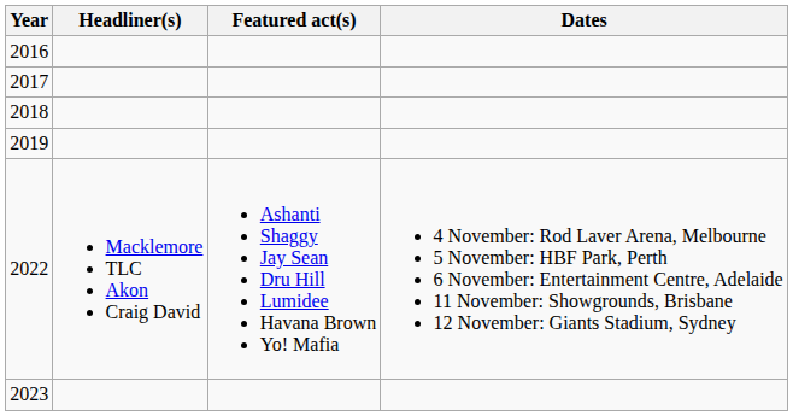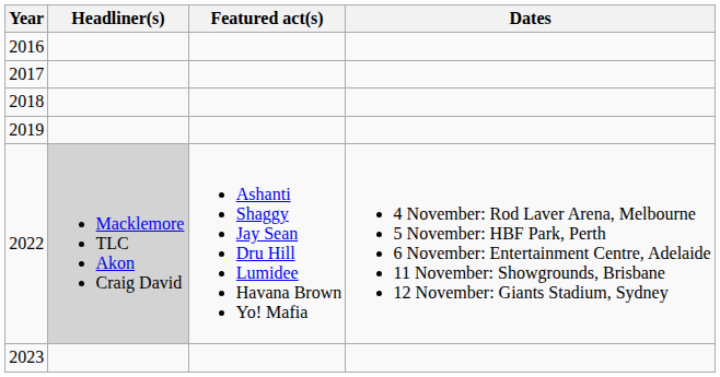 <table class="wikitable unsortable">
 <tr>
 <th>Year</th>
 <th>Headliner(s)</th>
 <th>Featured act(s)</th>
 <th>Dates</th>
 </tr>
 <tr>
 <td>2016</td>
 <td></td>
 <td></td>
 <td></td>
 </tr>
 <tr>
 <td>2017</td>
 <td></td>
 <td></td>
 <td></td>
 </tr>
 <tr>
 <td>2018</td>
 <td></td>
 <td></td>
 <td></td>
 </tr>
 <tr>
 <td>2019</td>
 <td></td>
 <td></td>
 <td></td>
 </tr>
 <tr>
 <td>2022</td>
-<td><br><ul><li><a href='#'>Macklemore</a></li><li>TLC</li><li><a href='#'>Akon</a></li><li>Craig David</li></ul></td>
+<td style="background: lightgrey;"><br><ul><li><a href='#'>Macklemore</a></li><li>TLC</li><li><a href='#'>Akon</a></li><li>Craig David</li></ul></td>
 <td><br><ul><li><a href='#'>Ashanti</a></li><li><a href='#'>Shaggy</a></li><li><a href='#'>Jay Sean</a></li><li><a href='#'>Dru Hill</a></li><li><a href='#'>Lumidee</a></li><li>Havana Brown</li><li>Yo! Mafia</li></ul></td>
 <td><br><ul><li>4 November: Rod Laver Arena, Melbourne</li><li>5 November: HBF Park, Perth</li><li>6 November: Entertainment Centre, Adelaide</li><li>11 November: Showgrounds, Brisbane</li><li>12 November: Giants Stadium, Sydney</li></ul></td>
 </tr>
 <tr>
 <td>2023</td>
 <td></td>
 <td></td>
 <td></td>
 </tr>
 <tr>
 </tr>
 </table>
